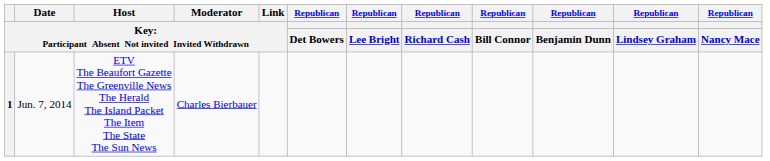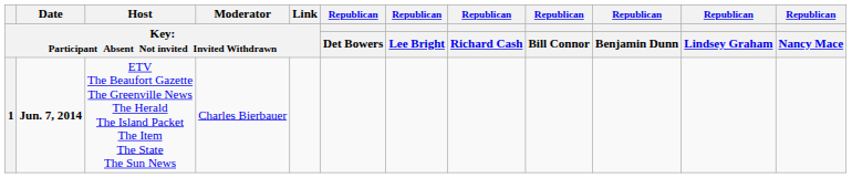 <table class="wikitable" style="text-align:center;">
 <tr>
 <th scope="col"></th>
 <th scope="col">Date</th>
 <th scope="col">Host</th>
 <th scope="col">Moderator</th>
 <th scope="col">Link</th>
 <th scope="col"><small><a href='#'>Republican</a></small></th>
 <th scope="col"><small><a href='#'>Republican</a></small></th>
 <th scope="col"><small><a href='#'>Republican</a></small></th>
 <th scope="col"><small><a href='#'>Republican</a></small></th>
 <th scope="col"><small><a href='#'>Republican</a></small></th>
 <th scope="col"><small><a href='#'>Republican</a></small></th>
 <th scope="col"><small><a href='#'>Republican</a></small></th>
 </tr>
 <tr>
 <th colspan="5" rowspan="2">Key:<br> <small>Participant </small>  <small>Absent </small>  <small>Not invited </small>  <small>Invited  Withdrawn</small></th>
 <th scope="col" style="background:"></th>
 <th scope="col" style="background:"></th>
 <th scope="col" style="background:"></th>
 <th scope="col" style="background:"></th>
 <th scope="col" style="background:"></th>
 <th scope="col" style="background:"></th>
 <th scope="col" style="background:"></th>
 </tr>
 <tr>
 <th scope="col">Det Bowers</th>
 <th scope="col"><a href='#'>Lee Bright</a></th>
 <th scope="col"><a href='#'>Richard Cash</a></th>
 <th scope="col">Bill Connor</th>
 <th scope="col">Benjamin Dunn</th>
 <th scope="col"><a href='#'>Lindsey Graham</a></th>
 <th scope="col"><a href='#'>Nancy Mace</a></th>
 </tr>
 <tr>
 <th>1</th>
-<td style="white-space:nowrap;">Jun. 7, 2014</td>
+<td style="white-space:nowrap;"><strong>Jun. 7, 2014</strong></td>
 <td style="white-space:nowrap;"><a href='#'>ETV</a><br><a href='#'>The Beaufort Gazette</a><br><a href='#'>The Greenville News</a><br><a href='#'>The Herald</a><br><a href='#'>The Island Packet</a><br><a href='#'>The Item</a><br><a href='#'>The State</a><br><a href='#'>The Sun News</a></td>
 <td style="white-space:nowrap;"><a href='#'>Charles Bierbauer</a></td>
 <td style="white-space:nowrap;"></td>
 <td></td>
 <td></td>
 <td></td>
 <td></td>
 <td></td>
 <td></td>
 <td></td>
 </tr>
 </table>
